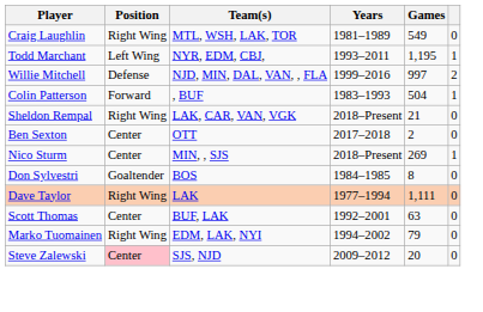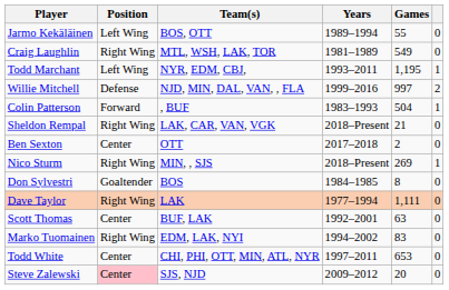 <table class="wikitable sortable">
 <tr>
 <th>Player</th>
 <th>Position</th>
 <th>Team(s)</th>
 <th>Years</th>
 <th>Games</th>
 <th><a href='#'></a></th>
+</tr>
+<tr>
+<td><a href='#'>Jarmo Kekäläinen</a></td>
+<td>Left Wing</td>
+<td><a href='#'>BOS</a>, <a href='#'>OTT</a></td>
+<td>1989–1994</td>
+<td>55</td>
+<td>0</td>
 </tr>
 <tr>
 <td><a href='#'>Craig Laughlin</a></td>
 <td>Right Wing</td>
 <td><a href='#'>MTL</a>, <a href='#'>WSH</a>, <a href='#'>LAK</a>, <a href='#'>TOR</a></td>
 <td>1981–1989</td>
 <td>549</td>
 <td>0</td>
 </tr>
 <tr>
 <td><a href='#'>Todd Marchant</a></td>
 <td>Left Wing</td>
 <td><a href='#'>NYR</a>, <a href='#'>EDM</a>, <a href='#'>CBJ</a>, <span><strong></strong></span></td>
 <td>1993–2011</td>
 <td>1,195</td>
 <td>1</td>
 </tr>
 <tr>
 <td><a href='#'>Willie Mitchell</a></td>
 <td>Defense</td>
 <td><a href='#'>NJD</a>, <a href='#'>MIN</a>, <a href='#'>DAL</a>, <a href='#'>VAN</a>, <span><strong></strong></span>, <a href='#'>FLA</a></td>
 <td>1999–2016</td>
 <td>997</td>
 <td>2</td>
 </tr>
 <tr>
 <td><a href='#'>Colin Patterson</a></td>
 <td>Forward</td>
 <td><span><strong></strong></span>, <a href='#'>BUF</a></td>
 <td>1983–1993</td>
 <td>504</td>
 <td>1</td>
 </tr>
 <tr>
 <td><a href='#'>Sheldon Rempal</a></td>
 <td>Right Wing</td>
 <td><a href='#'>LAK</a>, <a href='#'>CAR</a>, <a href='#'>VAN</a>, <a href='#'>VGK</a></td>
 <td>2018–Present</td>
 <td>21</td>
 <td>0</td>
 </tr>
 <tr>
 <td><a href='#'>Ben Sexton</a></td>
 <td>Center</td>
 <td><a href='#'>OTT</a></td>
 <td>2017–2018</td>
 <td>2</td>
 <td>0</td>
 </tr>
 <tr>
 <td><a href='#'>Nico Sturm</a></td>
-<td>Center</td>
+<td>Right Wing</td>
 <td><a href='#'>MIN</a>, <span><strong></strong></span>, <a href='#'>SJS</a></td>
 <td>2018–Present</td>
 <td>269</td>
 <td>1</td>
 </tr>
 <tr>
 <td><a href='#'>Don Sylvestri</a></td>
 <td>Goaltender</td>
 <td><a href='#'>BOS</a></td>
 <td>1984–1985</td>
 <td>8</td>
 <td>0</td>
 </tr>
 <tr bgcolor=FBCEB1>
 <td><a href='#'>Dave Taylor</a></td>
 <td>Right Wing</td>
 <td><a href='#'>LAK</a></td>
 <td>1977–1994</td>
 <td>1,111</td>
 <td>0</td>
 </tr>
 <tr>
 <td><a href='#'>Scott Thomas</a></td>
 <td>Center</td>
 <td><a href='#'>BUF</a>, <a href='#'>LAK</a></td>
 <td>1992–2001</td>
 <td>63</td>
 <td>0</td>
 </tr>
 <tr>
 <td><a href='#'>Marko Tuomainen</a></td>
 <td>Right Wing</td>
 <td><a href='#'>EDM</a>, <a href='#'>LAK</a>, <a href='#'>NYI</a></td>
 <td>1994–2002</td>
-<td>79</td>
+<td>83</td>
+<td>0</td>
+</tr>
+<tr>
+<td><a href='#'>Todd White</a></td>
+<td>Center</td>
+<td><a href='#'>CHI</a>, <a href='#'>PHI</a>, <a href='#'>OTT</a>, <a href='#'>MIN</a>, <a href='#'>ATL</a>, <a href='#'>NYR</a></td>
+<td>1997–2011</td>
+<td>653</td>
 <td>0</td>
 </tr>
 <tr>
 <td><a href='#'>Steve Zalewski</a></td>
 <td style="background: pink;">Center</td>
 <td><a href='#'>SJS</a>, <a href='#'>NJD</a></td>
 <td>2009–2012</td>
 <td>20</td>
 <td>0</td>
 </tr>
 </table>
